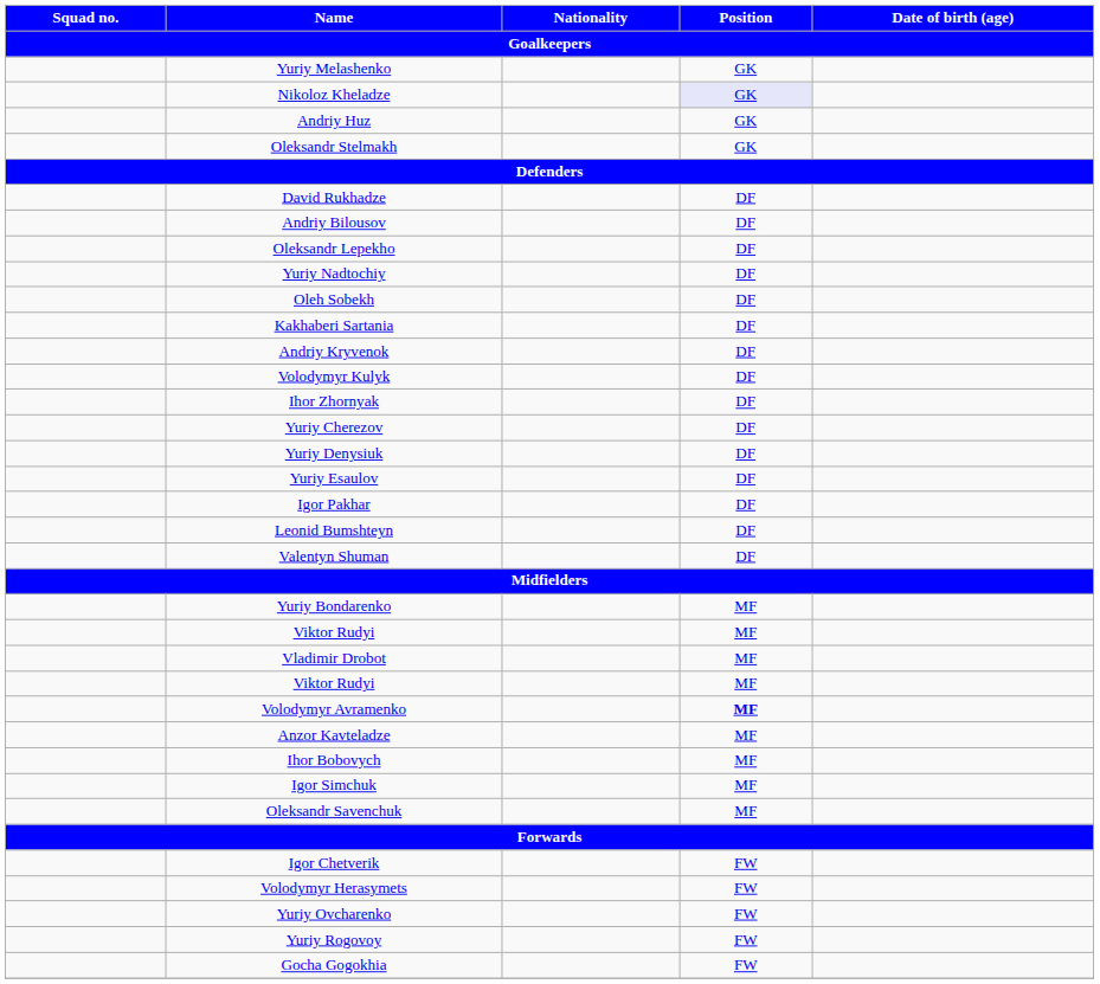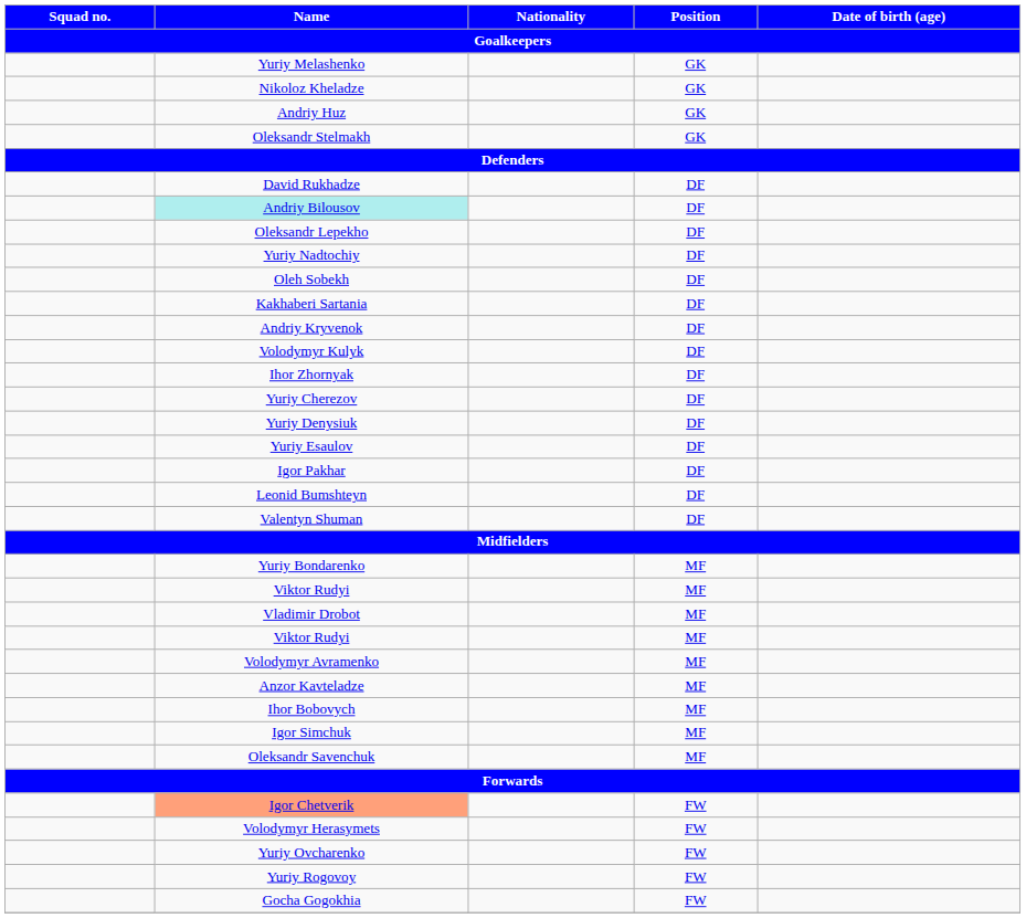 <table class="wikitable" style="text-align:center; font-size:90%; width:80%">
 <tr>
 <th style="background:blue; color:white; text-align:center">Squad no.</th>
 <th style="background:blue; color:white; text-align:center">Name</th>
 <th style="background:blue; color:white; text-align:center">Nationality</th>
 <th style="background:blue; color:white; text-align:center">Position</th>
 <th style="background:blue; color:white; text-align:center">Date of birth (age)</th>
 </tr>
 <tr>
 <th colspan="6" style="background:blue; color:white; text-align:center">Goalkeepers</th>
 </tr>
 <tr>
 <td></td>
 <td><a href='#'>Yuriy Melashenko</a></td>
 <td></td>
 <td><a href='#'>GK</a></td>
 <td></td>
 </tr>
 <tr>
 <td></td>
 <td><a href='#'>Nikoloz Kheladze</a></td>
 <td></td>
-<td style="background: lavender;"><a href='#'>GK</a></td>
+<td><a href='#'>GK</a></td>
 <td></td>
 </tr>
 <tr>
 <td></td>
 <td><a href='#'>Andriy Huz</a></td>
 <td></td>
 <td><a href='#'>GK</a></td>
 <td></td>
 </tr>
 <tr>
 <td></td>
 <td><a href='#'>Oleksandr Stelmakh</a></td>
 <td></td>
 <td><a href='#'>GK</a></td>
 <td></td>
 </tr>
 <tr>
 <th colspan="6" style="background:blue; color:white; text-align:center">Defenders</th>
 </tr>
 <tr>
 <td></td>
 <td><a href='#'>David Rukhadze</a></td>
 <td></td>
 <td><a href='#'>DF</a></td>
 <td></td>
 </tr>
 <tr>
 <td></td>
-<td><a href='#'>Andriy Bilousov</a></td>
+<td style="background: paleturquoise;"><a href='#'>Andriy Bilousov</a></td>
 <td></td>
 <td><a href='#'>DF</a></td>
 <td></td>
 </tr>
 <tr>
 <td></td>
 <td><a href='#'>Oleksandr Lepekho</a></td>
 <td></td>
 <td><a href='#'>DF</a></td>
 <td></td>
 </tr>
 <tr>
 <td></td>
 <td><a href='#'>Yuriy Nadtochiy</a></td>
 <td></td>
 <td><a href='#'>DF</a></td>
 <td></td>
 </tr>
 <tr>
 <td></td>
 <td><a href='#'>Oleh Sobekh</a></td>
 <td></td>
 <td><a href='#'>DF</a></td>
 <td></td>
 </tr>
 <tr>
 <td></td>
 <td><a href='#'>Kakhaberi Sartania</a></td>
 <td></td>
 <td><a href='#'>DF</a></td>
 <td></td>
 </tr>
 <tr>
 <td></td>
 <td><a href='#'>Andriy Kryvenok</a></td>
 <td></td>
 <td><a href='#'>DF</a></td>
 <td></td>
 </tr>
 <tr>
 <td></td>
 <td><a href='#'>Volodymyr Kulyk</a></td>
 <td></td>
 <td><a href='#'>DF</a></td>
 <td></td>
 </tr>
 <tr>
 <td></td>
 <td><a href='#'>Ihor Zhornyak</a></td>
 <td></td>
 <td><a href='#'>DF</a></td>
 <td></td>
 </tr>
 <tr>
 <td></td>
 <td><a href='#'>Yuriy Cherezov</a></td>
 <td></td>
 <td><a href='#'>DF</a></td>
 <td></td>
 </tr>
 <tr>
 <td></td>
 <td><a href='#'>Yuriy Denysiuk</a></td>
 <td></td>
 <td><a href='#'>DF</a></td>
 <td></td>
 </tr>
 <tr>
 <td></td>
 <td><a href='#'>Yuriy Esaulov</a></td>
 <td></td>
 <td><a href='#'>DF</a></td>
 <td></td>
 </tr>
 <tr>
 <td></td>
 <td><a href='#'>Igor Pakhar</a></td>
 <td></td>
 <td><a href='#'>DF</a></td>
 <td></td>
 </tr>
 <tr>
 <td></td>
 <td><a href='#'>Leonid Bumshteyn</a></td>
 <td></td>
 <td><a href='#'>DF</a></td>
 <td></td>
 </tr>
 <tr>
 <td></td>
 <td><a href='#'>Valentyn Shuman</a></td>
 <td></td>
 <td><a href='#'>DF</a></td>
 <td></td>
 </tr>
 <tr>
 <th colspan="6" style="background:blue; color:white; text-align:center">Midfielders</th>
 </tr>
 <tr>
 <td></td>
 <td><a href='#'>Yuriy Bondarenko</a></td>
 <td></td>
 <td><a href='#'>MF</a></td>
 <td></td>
 </tr>
 <tr>
 <td></td>
 <td><a href='#'>Viktor Rudyi</a></td>
 <td></td>
 <td><a href='#'>MF</a></td>
 <td></td>
 </tr>
 <tr>
 <td></td>
 <td><a href='#'>Vladimir Drobot</a></td>
 <td></td>
 <td><a href='#'>MF</a></td>
 <td></td>
 </tr>
 <tr>
 <td></td>
 <td><a href='#'>Viktor Rudyi</a></td>
 <td></td>
 <td><a href='#'>MF</a></td>
 <td></td>
 </tr>
 <tr>
 <td></td>
 <td><a href='#'>Volodymyr Avramenko</a></td>
 <td></td>
-<td><strong><a href='#'>MF</a></strong></td>
+<td><a href='#'>MF</a></td>
 <td></td>
 </tr>
 <tr>
 <td></td>
 <td><a href='#'>Anzor Kavteladze</a></td>
 <td></td>
 <td><a href='#'>MF</a></td>
 <td></td>
 </tr>
 <tr>
 <td></td>
 <td><a href='#'>Ihor Bobovych</a></td>
 <td></td>
 <td><a href='#'>MF</a></td>
 <td></td>
 </tr>
 <tr>
 <td></td>
 <td><a href='#'>Igor Simchuk</a></td>
 <td></td>
 <td><a href='#'>MF</a></td>
 <td></td>
 </tr>
 <tr>
 <td></td>
 <td><a href='#'>Oleksandr Savenchuk</a></td>
 <td></td>
 <td><a href='#'>MF</a></td>
 <td></td>
 </tr>
 <tr>
 <th colspan="7" style="background:blue; color:white; text-align:center">Forwards</th>
 </tr>
 <tr>
 <td></td>
-<td><a href='#'>Igor Chetverik</a></td>
+<td style="background: lightsalmon;"><a href='#'>Igor Chetverik</a></td>
 <td></td>
 <td><a href='#'>FW</a></td>
 <td></td>
 </tr>
 <tr>
 <td></td>
 <td><a href='#'>Volodymyr Herasymets</a></td>
 <td></td>
 <td><a href='#'>FW</a></td>
 <td></td>
 </tr>
 <tr>
 <td></td>
 <td><a href='#'>Yuriy Ovcharenko</a></td>
 <td></td>
 <td><a href='#'>FW</a></td>
 <td></td>
 </tr>
 <tr>
 <td></td>
 <td><a href='#'>Yuriy Rogovoy</a></td>
 <td></td>
 <td><a href='#'>FW</a></td>
 <td></td>
 </tr>
 <tr>
 <td></td>
 <td><a href='#'>Gocha Gogokhia</a></td>
 <td></td>
 <td><a href='#'>FW</a></td>
 <td></td>
 </tr>
 <tr>
 </tr>
 </table>
